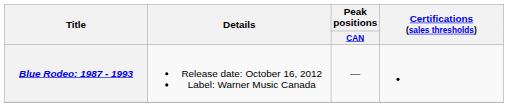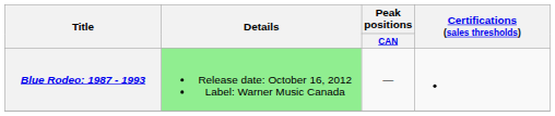 <table class="wikitable plainrowheaders" style="text-align:center;">
 <tr>
 <th rowspan="2" style="width:14em;">Title</th>
 <th rowspan="2" style="width:18em;">Details</th>
 <th colspan="1">Peak positions</th>
 <th rowspan="2" style="width:12em;"><a href='#'>Certifications</a><br><small>(<a href='#'>sales thresholds</a>)</small></th>
 </tr>
 <tr style="font-size:smaller;">
 <th width="65"><a href='#'>CAN</a></th>
 </tr>
 <tr>
 <th scope="row"><em><a href='#'>Blue Rodeo: 1987 - 1993</a></em></th>
-<td><br><ul><li>Release date: October 16, 2012</li><li>Label: Warner Music Canada</li></ul></td>
+<td style="background: lightgreen;"><br><ul><li>Release date: October 16, 2012</li><li>Label: Warner Music Canada</li></ul></td>
 <td>—</td>
 <td><br><ul><li></li></ul></td>
 </tr>
 <tr>
 </tr>
 </table>
